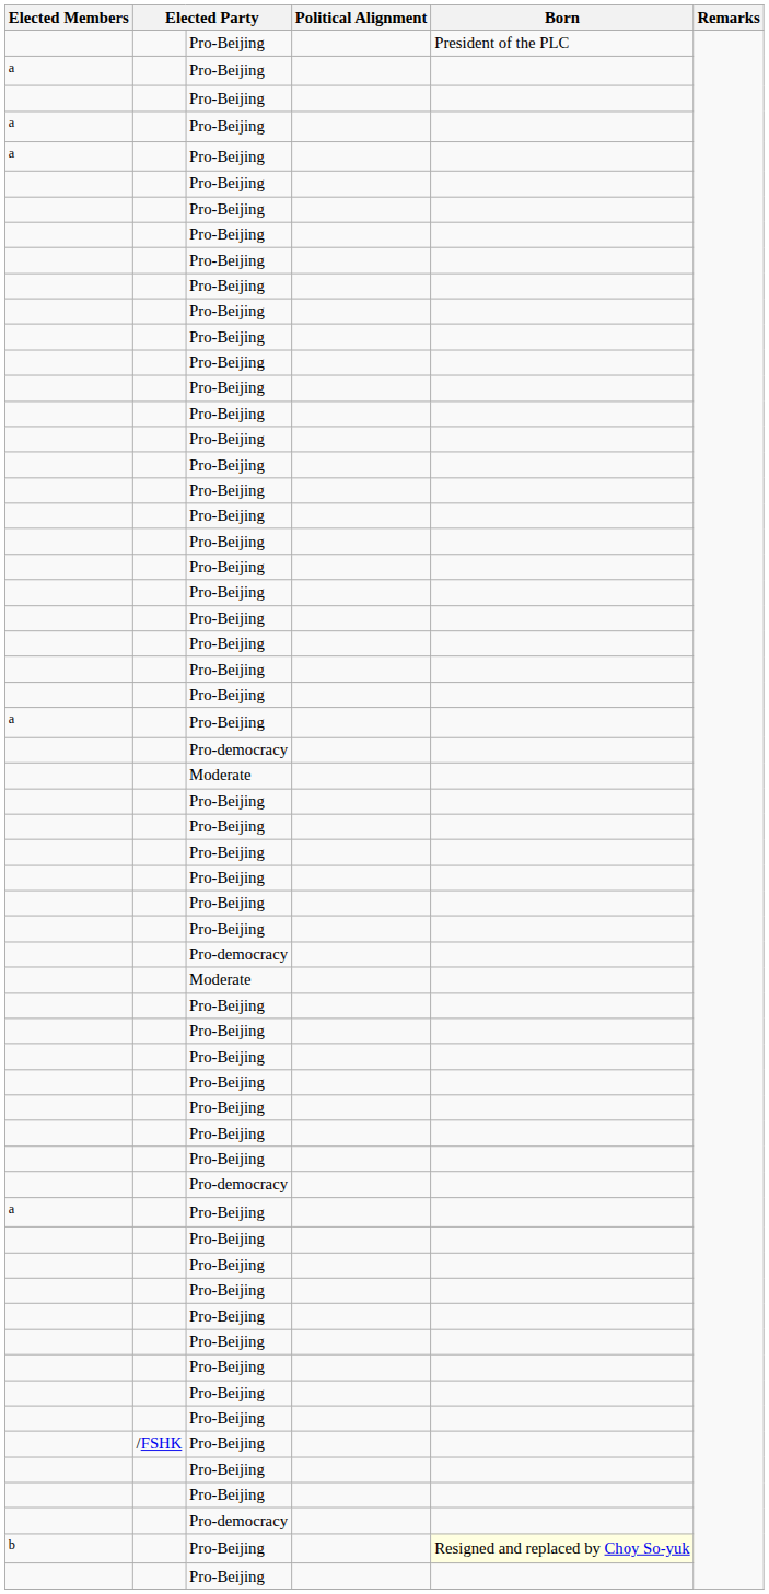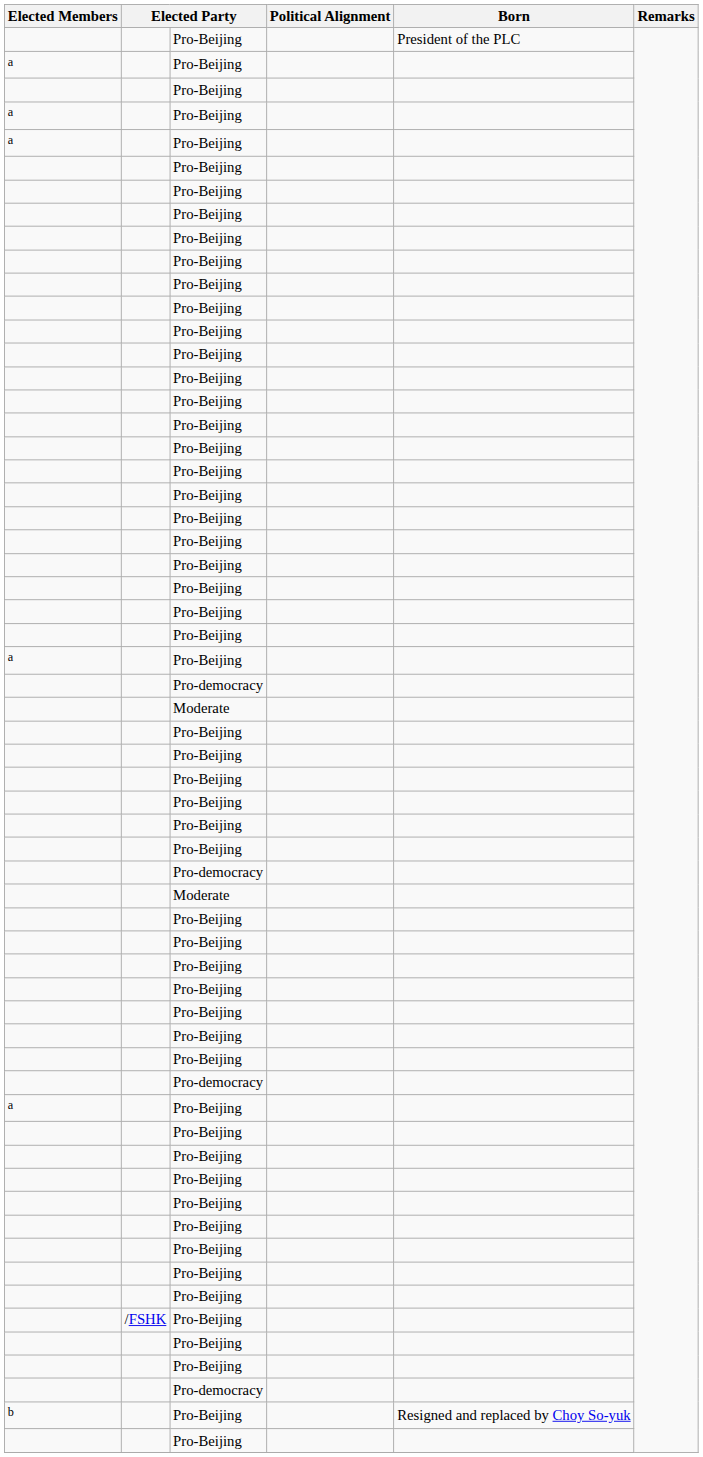 <table class="wikitable sortable">
 <tr>
 <th>Elected Members</th>
 <th colspan=2>Elected Party</th>
 <th>Political Alignment</th>
 <th>Born</th>
 <th>Remarks</th>
 </tr>
 <tr>
 <td></td>
 <td></td>
 <td>Pro-Beijing</td>
 <td></td>
 <td>President of the PLC</td>
 </tr>
 <tr>
 <td><sup>a</sup></td>
 <td></td>
 <td>Pro-Beijing</td>
 <td></td>
 <td></td>
 </tr>
 <tr>
 <td></td>
 <td></td>
 <td>Pro-Beijing</td>
 <td></td>
 <td></td>
 </tr>
 <tr>
 <td><sup>a</sup></td>
 <td></td>
 <td>Pro-Beijing</td>
 <td></td>
 <td></td>
 </tr>
 <tr>
 <td><sup>a</sup></td>
 <td></td>
 <td>Pro-Beijing</td>
 <td></td>
 <td></td>
 </tr>
 <tr>
 <td></td>
 <td></td>
 <td>Pro-Beijing</td>
 <td></td>
 <td></td>
 </tr>
 <tr>
 <td></td>
 <td></td>
 <td>Pro-Beijing</td>
 <td></td>
 <td></td>
 </tr>
 <tr>
 <td></td>
 <td></td>
 <td>Pro-Beijing</td>
 <td></td>
 <td></td>
 </tr>
 <tr>
 <td></td>
 <td></td>
 <td>Pro-Beijing</td>
 <td></td>
 <td></td>
 </tr>
 <tr>
 <td></td>
 <td></td>
 <td>Pro-Beijing</td>
 <td></td>
 <td></td>
 </tr>
 <tr>
 <td></td>
 <td></td>
 <td>Pro-Beijing</td>
 <td></td>
 <td></td>
 </tr>
 <tr>
 <td></td>
 <td></td>
 <td>Pro-Beijing</td>
 <td></td>
 <td></td>
 </tr>
 <tr>
 <td></td>
 <td></td>
 <td>Pro-Beijing</td>
 <td></td>
 <td></td>
 </tr>
 <tr>
 <td></td>
 <td></td>
 <td>Pro-Beijing</td>
 <td></td>
 <td></td>
 </tr>
 <tr>
 <td></td>
 <td></td>
 <td>Pro-Beijing</td>
 <td></td>
 <td></td>
 </tr>
 <tr>
 <td></td>
 <td></td>
 <td>Pro-Beijing</td>
 <td></td>
 <td></td>
 </tr>
 <tr>
 <td></td>
 <td></td>
 <td>Pro-Beijing</td>
 <td></td>
 <td></td>
 </tr>
 <tr>
 <td></td>
 <td></td>
 <td>Pro-Beijing</td>
 <td></td>
 <td></td>
 </tr>
 <tr>
 <td></td>
 <td></td>
 <td>Pro-Beijing</td>
 <td></td>
 <td></td>
 </tr>
 <tr>
 <td></td>
 <td></td>
 <td>Pro-Beijing</td>
 <td></td>
 <td></td>
 </tr>
 <tr>
 <td></td>
 <td></td>
 <td>Pro-Beijing</td>
 <td></td>
 <td></td>
 </tr>
 <tr>
 <td></td>
 <td></td>
 <td>Pro-Beijing</td>
 <td></td>
 <td></td>
 </tr>
 <tr>
 <td></td>
 <td></td>
 <td>Pro-Beijing</td>
 <td></td>
 <td></td>
 </tr>
 <tr>
 <td></td>
 <td></td>
 <td>Pro-Beijing</td>
 <td></td>
 <td></td>
 </tr>
 <tr>
 <td></td>
 <td></td>
 <td>Pro-Beijing</td>
 <td></td>
 <td></td>
 </tr>
 <tr>
 <td></td>
 <td></td>
 <td>Pro-Beijing</td>
 <td></td>
 <td></td>
 </tr>
 <tr>
 <td><sup>a</sup></td>
 <td></td>
 <td>Pro-Beijing</td>
 <td></td>
 <td></td>
 </tr>
 <tr>
 <td></td>
 <td></td>
 <td>Pro-democracy</td>
 <td></td>
 <td></td>
 </tr>
 <tr>
 <td></td>
 <td></td>
 <td>Moderate</td>
 <td></td>
 <td></td>
 </tr>
 <tr>
 <td></td>
 <td></td>
 <td>Pro-Beijing</td>
 <td></td>
 <td></td>
 </tr>
 <tr>
 <td></td>
 <td></td>
 <td>Pro-Beijing</td>
 <td></td>
 <td></td>
 </tr>
 <tr>
 <td></td>
 <td></td>
 <td>Pro-Beijing</td>
 <td></td>
 <td></td>
 </tr>
 <tr>
 <td></td>
 <td></td>
 <td>Pro-Beijing</td>
 <td></td>
 <td></td>
 </tr>
 <tr>
 <td></td>
 <td></td>
 <td>Pro-Beijing</td>
 <td></td>
 <td></td>
 </tr>
 <tr>
 <td></td>
 <td></td>
 <td>Pro-Beijing</td>
 <td></td>
 <td></td>
 </tr>
 <tr>
 <td></td>
 <td></td>
 <td>Pro-democracy</td>
 <td></td>
 <td></td>
 </tr>
 <tr>
 <td></td>
 <td></td>
 <td>Moderate</td>
 <td></td>
 <td></td>
 </tr>
 <tr>
 <td></td>
 <td></td>
 <td>Pro-Beijing</td>
 <td></td>
 <td></td>
 </tr>
 <tr>
 <td></td>
 <td></td>
 <td>Pro-Beijing</td>
 <td></td>
 <td></td>
 </tr>
 <tr>
 <td></td>
 <td></td>
 <td>Pro-Beijing</td>
 <td></td>
 <td></td>
 </tr>
 <tr>
 <td></td>
 <td></td>
 <td>Pro-Beijing</td>
 <td></td>
 <td></td>
 </tr>
 <tr>
 <td></td>
 <td></td>
 <td>Pro-Beijing</td>
 <td></td>
 <td></td>
 </tr>
 <tr>
 <td></td>
 <td></td>
 <td>Pro-Beijing</td>
 <td></td>
 <td></td>
 </tr>
 <tr>
 <td></td>
 <td></td>
 <td>Pro-Beijing</td>
 <td></td>
 <td></td>
 </tr>
 <tr>
 <td></td>
 <td></td>
 <td>Pro-democracy</td>
 <td></td>
 <td></td>
 </tr>
 <tr>
 <td><sup>a</sup></td>
 <td></td>
 <td>Pro-Beijing</td>
 <td></td>
 <td></td>
 </tr>
 <tr>
 <td></td>
 <td></td>
 <td>Pro-Beijing</td>
 <td></td>
 <td></td>
 </tr>
 <tr>
 <td></td>
 <td></td>
 <td>Pro-Beijing</td>
 <td></td>
 <td></td>
 </tr>
 <tr>
 <td></td>
 <td></td>
 <td>Pro-Beijing</td>
 <td></td>
 <td></td>
 </tr>
 <tr>
 <td></td>
 <td></td>
 <td>Pro-Beijing</td>
 <td></td>
 <td></td>
 </tr>
 <tr>
 <td></td>
 <td></td>
 <td>Pro-Beijing</td>
 <td></td>
 <td></td>
 </tr>
 <tr>
 <td></td>
 <td></td>
 <td>Pro-Beijing</td>
 <td></td>
 <td></td>
 </tr>
 <tr>
 <td></td>
 <td></td>
 <td>Pro-Beijing</td>
 <td></td>
 <td></td>
 </tr>
 <tr>
 <td></td>
 <td></td>
 <td>Pro-Beijing</td>
 <td></td>
 <td></td>
 </tr>
 <tr>
 <td></td>
 <td>/<a href='#'>FSHK</a></td>
 <td>Pro-Beijing</td>
 <td></td>
 <td></td>
 </tr>
 <tr>
 <td></td>
 <td></td>
 <td>Pro-Beijing</td>
 <td></td>
 <td></td>
 </tr>
 <tr>
 <td></td>
 <td></td>
 <td>Pro-Beijing</td>
 <td></td>
 <td></td>
 </tr>
 <tr>
 <td></td>
 <td></td>
 <td>Pro-democracy</td>
 <td></td>
 <td></td>
 </tr>
 <tr>
 <td><sup>b</sup></td>
 <td></td>
 <td>Pro-Beijing</td>
 <td></td>
-<td style="background: lightyellow;">Resigned and replaced by <a href='#'>Choy So-yuk</a></td>
+<td>Resigned and replaced by <a href='#'>Choy So-yuk</a></td>
 </tr>
 <tr>
 <td></td>
 <td></td>
 <td>Pro-Beijing</td>
 <td></td>
 <td></td>
 </tr>
 <tr>
 </tr>
 </table>
